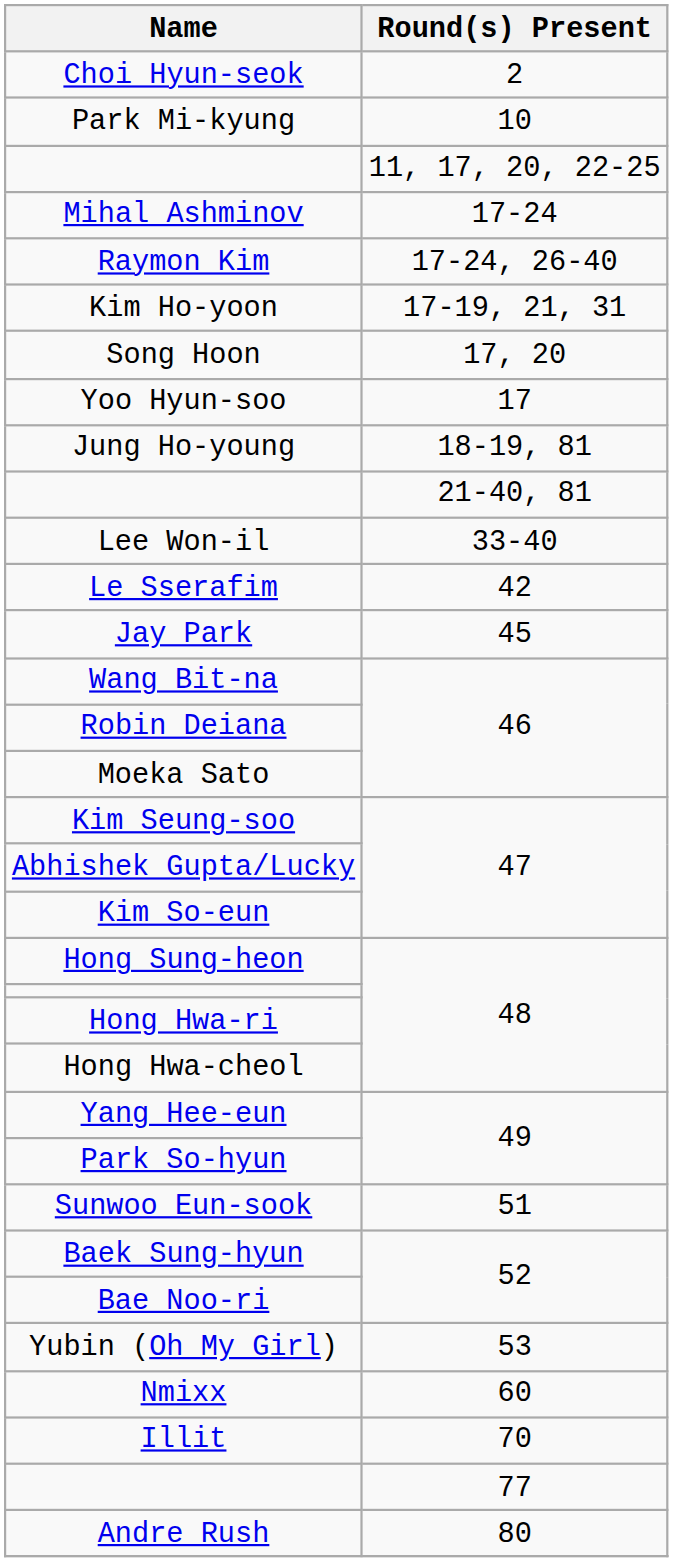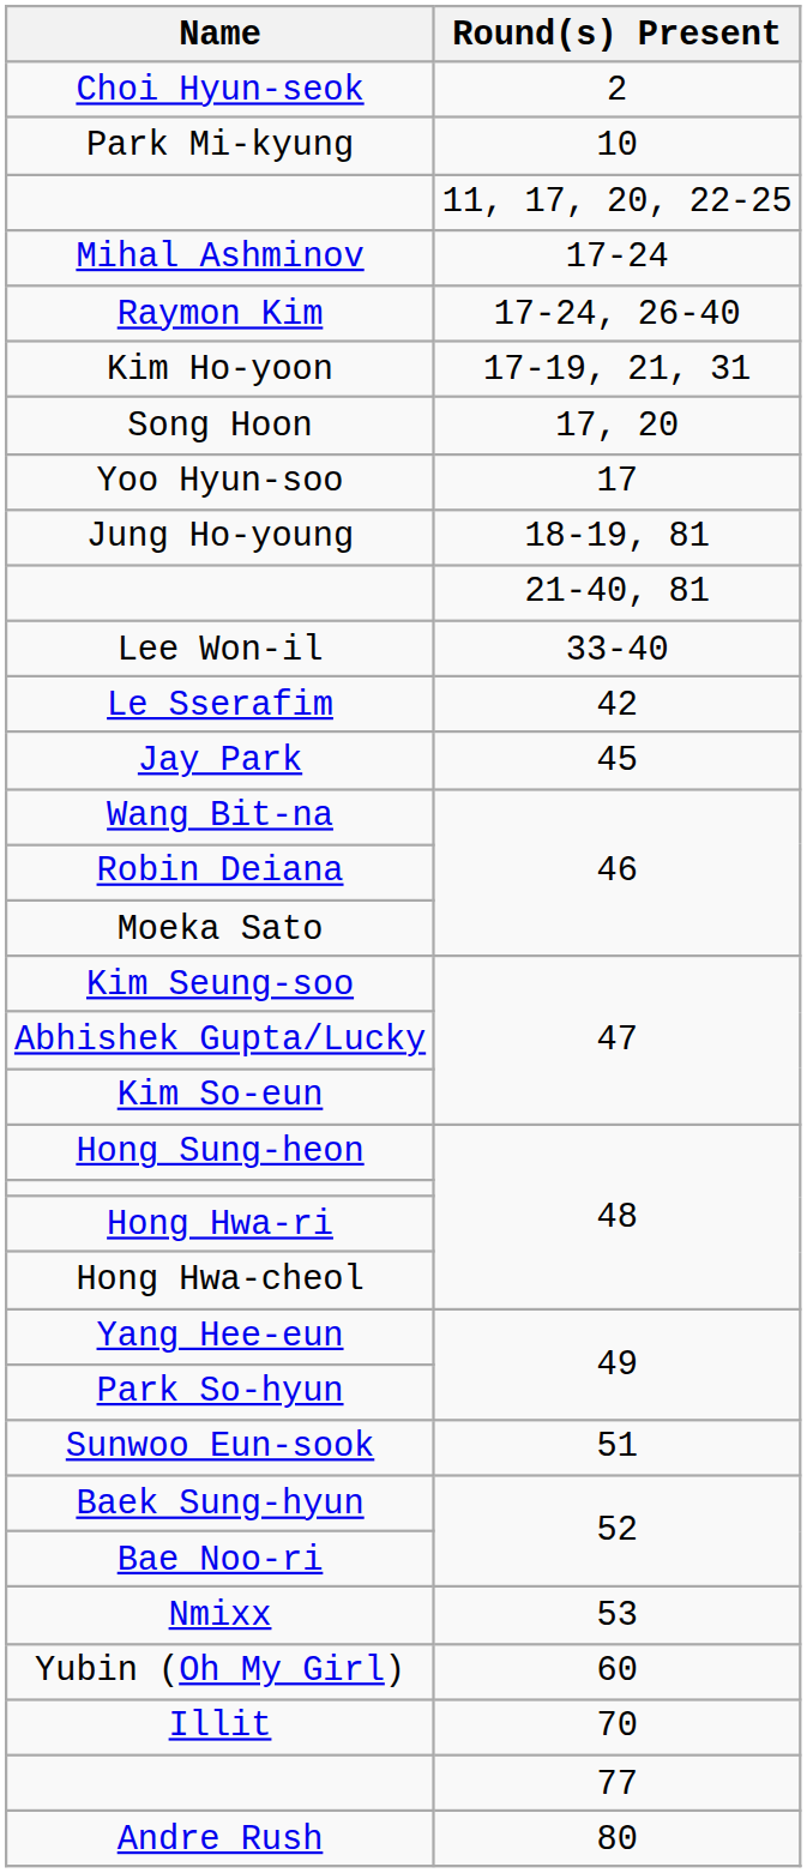 <table class="wikitable" style="text-align:center">
 <tr>
 <th>Name</th>
 <th>Round(s) Present</th>
 </tr>
 <tr>
 <td><a href='#'>Choi Hyun-seok</a></td>
 <td>2</td>
 </tr>
 <tr>
 <td>Park Mi-kyung</td>
 <td>10</td>
 </tr>
 <tr>
 <td></td>
 <td>11, 17, 20, 22-25</td>
 </tr>
 <tr>
 <td><a href='#'>Mihal Ashminov</a></td>
 <td>17-24</td>
 </tr>
 <tr>
 <td><a href='#'>Raymon Kim</a></td>
 <td>17-24, 26-40</td>
 </tr>
 <tr>
 <td>Kim Ho-yoon</td>
 <td>17-19, 21, 31</td>
 </tr>
 <tr>
 <td>Song Hoon</td>
 <td>17, 20</td>
 </tr>
 <tr>
 <td>Yoo Hyun-soo</td>
 <td>17</td>
 </tr>
 <tr>
 <td>Jung Ho-young</td>
 <td>18-19, 81</td>
 </tr>
 <tr>
 <td></td>
 <td>21-40, 81</td>
 </tr>
 <tr>
 <td>Lee Won-il</td>
 <td>33-40</td>
 </tr>
 <tr>
 <td><a href='#'>Le Sserafim</a></td>
 <td>42</td>
 </tr>
 <tr>
 <td><a href='#'>Jay Park</a></td>
 <td>45</td>
 </tr>
 <tr>
 <td><a href='#'>Wang Bit-na</a></td>
 <td rowspan="3">46</td>
 </tr>
 <tr>
 <td><a href='#'>Robin Deiana</a></td>
 </tr>
 <tr>
 <td>Moeka Sato</td>
 </tr>
 <tr>
 <td><a href='#'>Kim Seung-soo</a></td>
 <td rowspan="3">47</td>
 </tr>
 <tr>
 <td><a href='#'>Abhishek Gupta/Lucky</a></td>
 </tr>
 <tr>
 <td><a href='#'>Kim So-eun</a></td>
 </tr>
 <tr>
 <td><a href='#'>Hong Sung-heon</a></td>
 <td rowspan="4">48</td>
 </tr>
 <tr>
 <td></td>
 </tr>
 <tr>
 <td><a href='#'>Hong Hwa-ri</a></td>
 </tr>
 <tr>
 <td>Hong Hwa-cheol</td>
 </tr>
 <tr>
 <td><a href='#'>Yang Hee-eun</a></td>
 <td rowspan="2">49</td>
 </tr>
 <tr>
 <td><a href='#'>Park So-hyun</a></td>
 </tr>
 <tr>
 <td><a href='#'>Sunwoo Eun-sook</a></td>
 <td>51</td>
 </tr>
 <tr>
 <td><a href='#'>Baek Sung-hyun</a></td>
 <td rowspan="2">52</td>
 </tr>
 <tr>
 <td><a href='#'>Bae Noo-ri</a></td>
 </tr>
 <tr>
-<td>Yubin (<a href='#'>Oh My Girl</a>)</td>
+<td><a href='#'>Nmixx</a></td>
 <td>53</td>
 </tr>
 <tr>
-<td><a href='#'>Nmixx</a></td>
+<td>Yubin (<a href='#'>Oh My Girl</a>)</td>
 <td>60</td>
 </tr>
 <tr>
 <td><a href='#'>Illit</a></td>
 <td>70</td>
 </tr>
 <tr>
 <td></td>
 <td>77</td>
 </tr>
 <tr>
 <td><a href='#'>Andre Rush</a></td>
 <td>80</td>
 </tr>
 <tr>
 </tr>
 </table>
